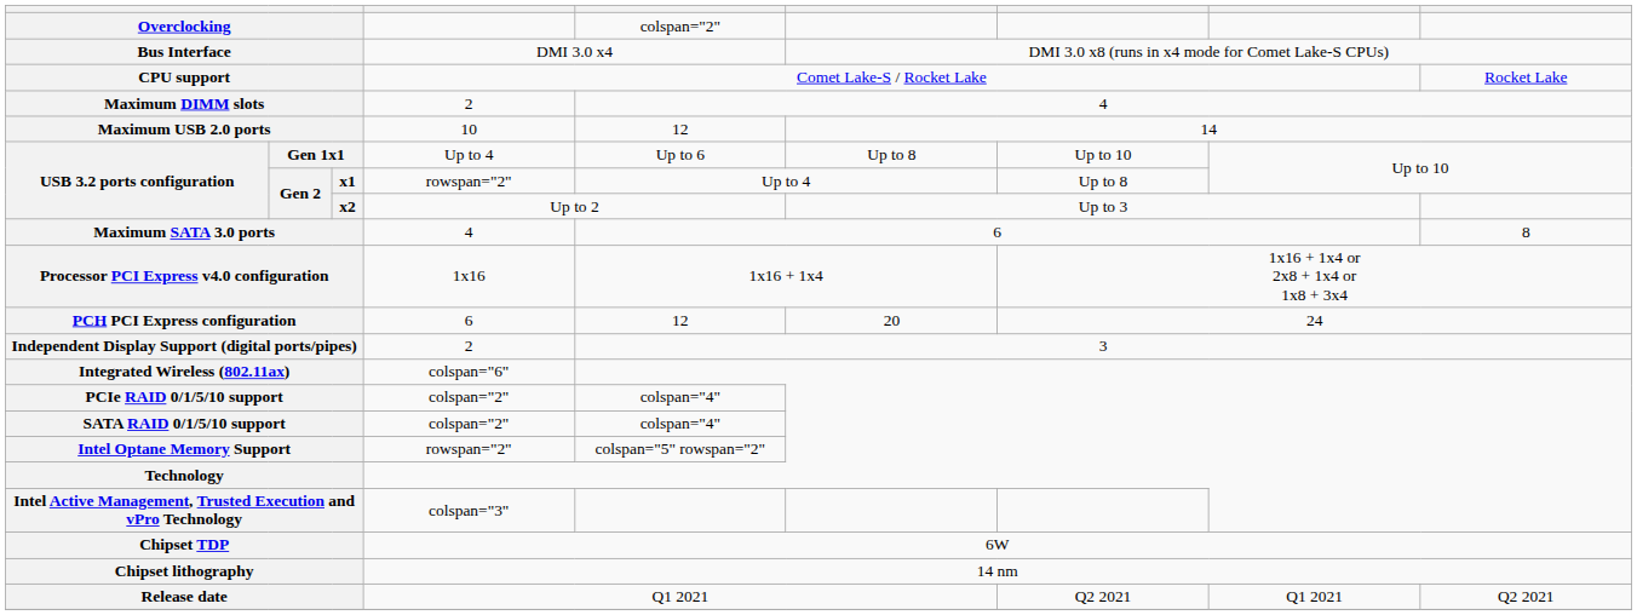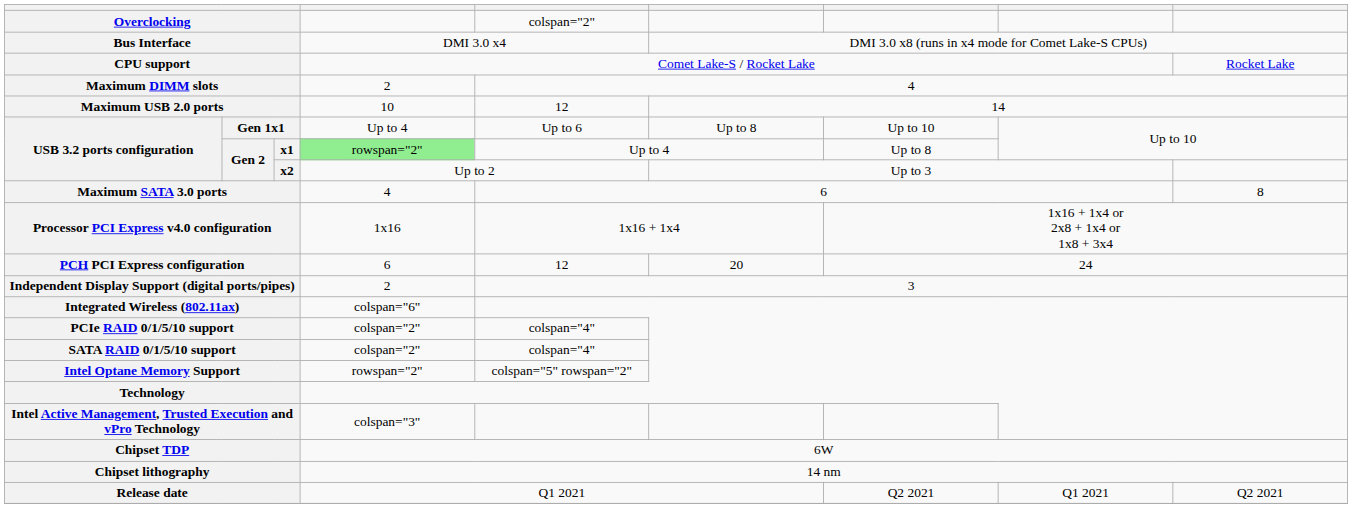 <table class="wikitable sticky-header" style="text-align: center; min-width: 30em; max-width: 100em;">
 <tr>
 <th colspan="3" scope="col" width="22%"></th>
 <th scope="col" width="13%"></th>
 <th scope="col" width="13%"></th>
 <th scope="col" width="13%"></th>
 <th scope="col" width="13%"></th>
 <th scope="col" width="13%"></th>
 <th scope="col" width="13%"></th>
 </tr>
 <tr>
 <th colspan="3"><a href='#'>Overclocking</a></th>
 <td></td>
 <td>colspan="2" </td>
 <td></td>
 <td></td>
 <td></td>
 </tr>
 <tr>
 <th colspan="3">Bus Interface</th>
 <td colspan="2">DMI 3.0 x4</td>
 <td colspan="4">DMI 3.0 x8 (runs in x4 mode for Comet Lake-S CPUs)</td>
 </tr>
 <tr>
 <th colspan="3">CPU support</th>
 <td colspan="5"><a href='#'>Comet Lake-S</a> / <a href='#'>Rocket Lake</a></td>
 <td><a href='#'>Rocket Lake</a></td>
 </tr>
 <tr>
 <th colspan="3">Maximum <a href='#'>DIMM</a> slots</th>
 <td>2</td>
 <td colspan="5">4</td>
 </tr>
 <tr>
 <th colspan="3">Maximum USB 2.0 ports</th>
 <td>10</td>
 <td>12</td>
 <td colspan="4">14</td>
 </tr>
 <tr>
 <th rowspan="3">USB 3.2 ports configuration</th>
 <th colspan="2">Gen 1x1</th>
 <td>Up to 4</td>
 <td>Up to 6</td>
 <td>Up to 8</td>
 <td>Up to 10</td>
 <td colspan="2" rowspan="2">Up to 10</td>
 </tr>
 <tr>
 <th rowspan="2">Gen 2</th>
 <th>x1</th>
-<td>rowspan="2" </td>
+<td style="background: lightgreen;">rowspan="2" </td>
 <td colspan="2">Up to 4</td>
 <td>Up to 8</td>
 </tr>
 <tr>
 <th>x2</th>
 <td colspan="2">Up to 2</td>
 <td colspan="3">Up to 3</td>
 </tr>
 <tr>
 <th colspan="3">Maximum <a href='#'>SATA</a> 3.0 ports</th>
 <td>4</td>
 <td colspan="4">6</td>
 <td>8</td>
 </tr>
 <tr>
 <th colspan="3">Processor <a href='#'>PCI Express</a> v4.0 configuration</th>
 <td>1x16</td>
 <td colspan="2">1x16 + 1x4</td>
 <td colspan="3">1x16 + 1x4 or <br> 2x8 + 1x4 or <br> 1x8 + 3x4</td>
 </tr>
 <tr>
 <th colspan="3"><a href='#'>PCH</a> PCI Express configuration</th>
 <td>6</td>
 <td>12</td>
 <td>20</td>
 <td colspan="3">24</td>
 </tr>
 <tr>
 <th colspan="3">Independent Display Support (digital ports/pipes)</th>
 <td>2</td>
 <td colspan="5">3</td>
 </tr>
 <tr>
 <th colspan="3">Integrated Wireless (<a href='#'>802.11ax</a>)</th>
 <td>colspan="6" </td>
 </tr>
 <tr>
 <th colspan="3">PCIe <a href='#'>RAID</a> 0/1/5/10 support</th>
 <td>colspan="2" </td>
 <td>colspan="4" </td>
 </tr>
 <tr>
 <th colspan="3">SATA <a href='#'>RAID</a> 0/1/5/10 support</th>
 <td>colspan="2" </td>
 <td>colspan="4" </td>
 </tr>
 <tr>
 <th colspan="3"><a href='#'>Intel Optane Memory</a> Support</th>
 <td>rowspan="2" </td>
 <td>colspan="5" rowspan="2" </td>
 </tr>
 <tr>
 <th colspan="3"> Technology</th>
 </tr>
 <tr>
 <th colspan="3">Intel <a href='#'>Active Management</a>, <a href='#'>Trusted Execution</a> and <a href='#'>vPro</a> Technology</th>
 <td>colspan="3" </td>
 <td></td>
 <td></td>
 <td></td>
 </tr>
 <tr>
 <th colspan="3">Chipset <a href='#'>TDP</a></th>
 <td colspan="6">6W</td>
 </tr>
 <tr>
 <th colspan="3">Chipset lithography</th>
 <td colspan="6">14 nm</td>
 </tr>
 <tr>
 <th colspan="3">Release date</th>
 <td colspan="3">Q1 2021</td>
 <td>Q2 2021</td>
 <td>Q1 2021</td>
 <td>Q2 2021</td>
 </tr>
 <tr>
 </tr>
 </table>
